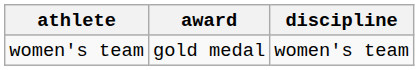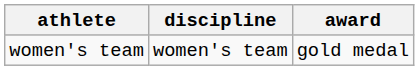 <table class="wikitable">
 <tr>
 <th>athlete</th>
+<th>discipline</th>
 <th>award</th>
-<th>discipline</th>
 </tr>
 <tr>
 <td>women's team</td>
+<td>women's team</td>
 <td>gold medal</td>
-<td>women's team</td>
 </tr>
 </table>
